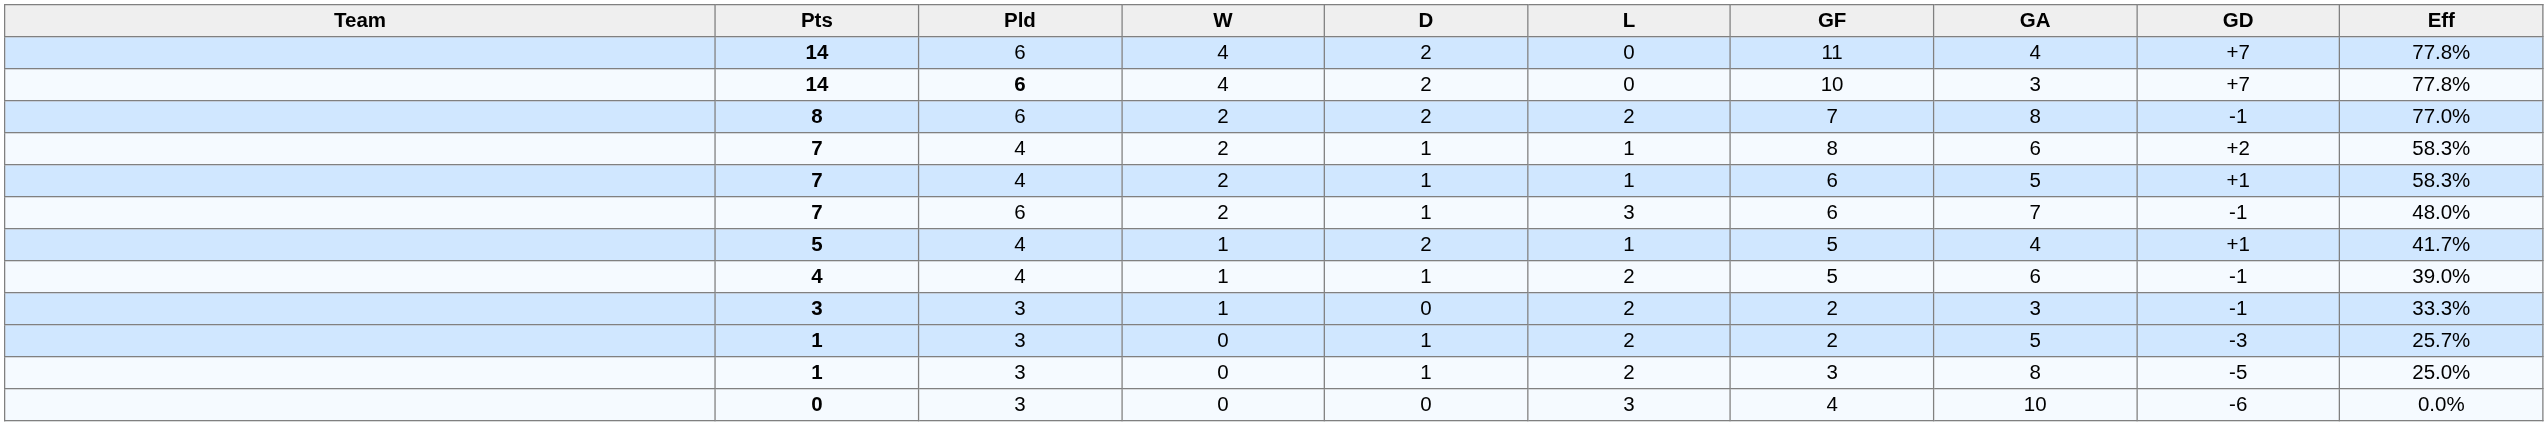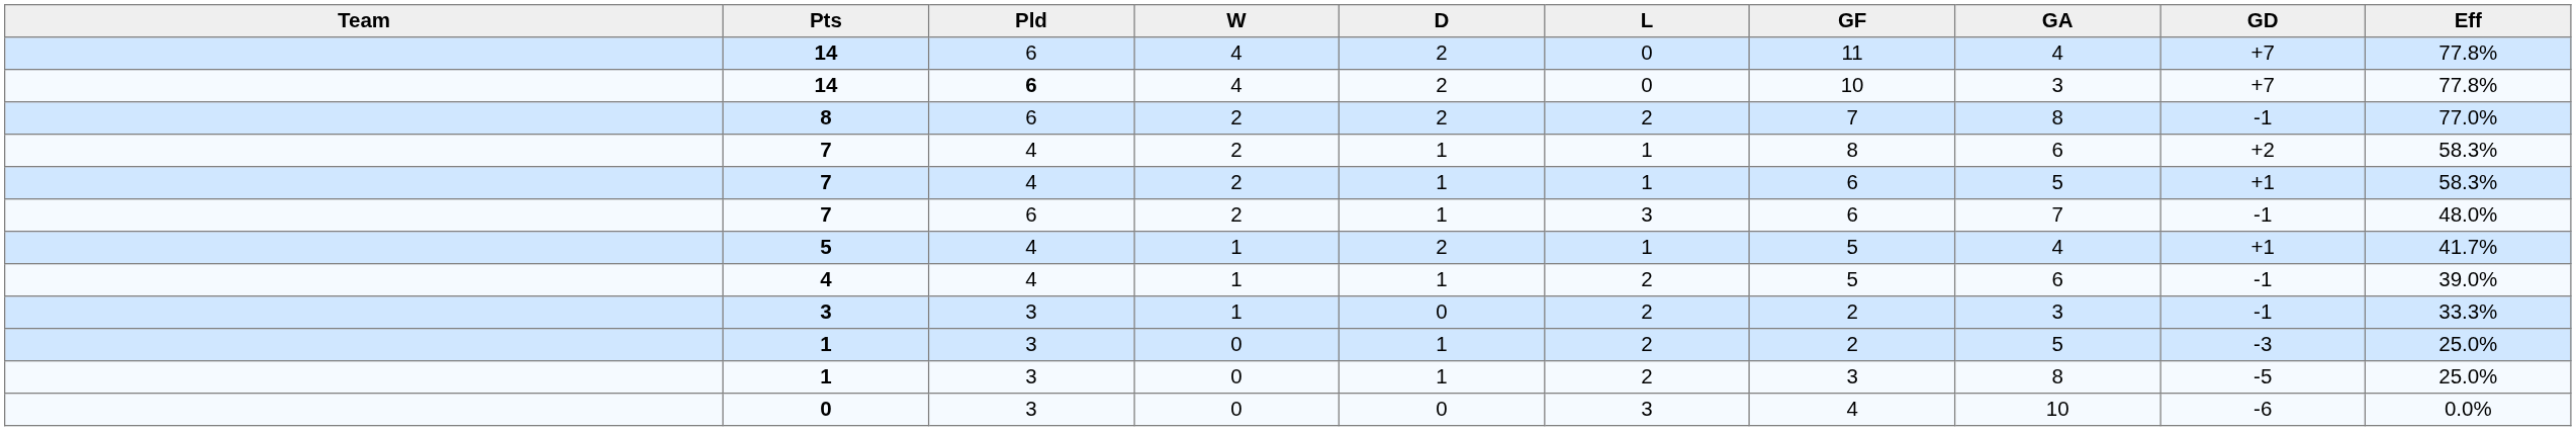 <table cellpadding=3 cellspacing=0 width=100% width=80% border=1 style="border-collapse:collapse"|>
 <tr align=center>
 <th bgcolor=#efefef width=28%>Team</th>
 <th bgcolor=#efefef width=8%>Pts</th>
 <th bgcolor=#efefef width=8%>Pld</th>
 <th bgcolor=#efefef width=8%>W</th>
 <th bgcolor=#efefef width=8%>D</th>
 <th bgcolor=#efefef width=8%>L</th>
 <th bgcolor=#efefef width=8%>GF</th>
 <th bgcolor=#efefef width=8%>GA</th>
 <th bgcolor=#efefef width=8%>GD</th>
 <th bgcolor=#efefef width=8%>Eff</th>
 </tr>
 <tr align=center bgcolor=#D0E7FF>
 <td align=left></td>
 <td><strong>14</strong></td>
 <td>6</td>
 <td>4</td>
 <td>2</td>
 <td>0</td>
 <td>11</td>
 <td>4</td>
 <td>+7</td>
 <td>77.8%</td>
 </tr>
 <tr align=center bgcolor=#F5FAFF>
 <td align=left></td>
 <td><strong>14</strong></td>
 <td><strong>6</strong></td>
 <td>4</td>
 <td>2</td>
 <td>0</td>
 <td>10</td>
 <td>3</td>
 <td>+7</td>
 <td>77.8%</td>
 </tr>
 <tr align=center bgcolor=#D0E7FF>
 <td align=left></td>
 <td><strong>8</strong></td>
 <td>6</td>
 <td>2</td>
 <td>2</td>
 <td>2</td>
 <td>7</td>
 <td>8</td>
 <td>-1</td>
 <td>77.0%</td>
 </tr>
 <tr align=center bgcolor=#F5FAFF>
 <td align=left></td>
 <td><strong>7</strong></td>
 <td>4</td>
 <td>2</td>
 <td>1</td>
 <td>1</td>
 <td>8</td>
 <td>6</td>
 <td>+2</td>
 <td>58.3%</td>
 </tr>
 <tr align=center bgcolor=#D0E7FF>
 <td align=left></td>
 <td><strong>7</strong></td>
 <td>4</td>
 <td>2</td>
 <td>1</td>
 <td>1</td>
 <td>6</td>
 <td>5</td>
 <td>+1</td>
 <td>58.3%</td>
 </tr>
 <tr align=center bgcolor=#F5FAFF>
 <td align=left></td>
 <td><strong>7</strong></td>
 <td>6</td>
 <td>2</td>
 <td>1</td>
 <td>3</td>
 <td>6</td>
 <td>7</td>
 <td>-1</td>
 <td>48.0%</td>
 </tr>
 <tr align=center bgcolor=#D0E7FF>
 <td align=left></td>
 <td><strong>5</strong></td>
 <td>4</td>
 <td>1</td>
 <td>2</td>
 <td>1</td>
 <td>5</td>
 <td>4</td>
 <td>+1</td>
 <td>41.7%</td>
 </tr>
 <tr align=center bgcolor=#F5FAFF>
 <td align=left></td>
 <td><strong>4</strong></td>
 <td>4</td>
 <td>1</td>
 <td>1</td>
 <td>2</td>
 <td>5</td>
 <td>6</td>
 <td>-1</td>
 <td>39.0%</td>
 </tr>
 <tr align=center bgcolor=#D0E7FF>
 <td align=left></td>
 <td><strong>3</strong></td>
 <td>3</td>
 <td>1</td>
 <td>0</td>
 <td>2</td>
 <td>2</td>
 <td>3</td>
 <td>-1</td>
 <td>33.3%</td>
 </tr>
 <tr align=center bgcolor=#D0E7FF>
 <td align=left></td>
 <td><strong>1</strong></td>
 <td>3</td>
 <td>0</td>
 <td>1</td>
 <td>2</td>
 <td>2</td>
 <td>5</td>
 <td>-3</td>
-<td>25.7%</td>
+<td>25.0%</td>
 </tr>
 <tr align=center bgcolor=#F5FAFF>
 <td align=left></td>
 <td><strong>1</strong></td>
 <td>3</td>
 <td>0</td>
 <td>1</td>
 <td>2</td>
 <td>3</td>
 <td>8</td>
 <td>-5</td>
 <td>25.0%</td>
 </tr>
 <tr align=center bgcolor=#F5FAFF>
 <td align=left></td>
 <td><strong>0</strong></td>
 <td>3</td>
 <td>0</td>
 <td>0</td>
 <td>3</td>
 <td>4</td>
 <td>10</td>
 <td>-6</td>
 <td>0.0%</td>
 </tr>
 </table>
